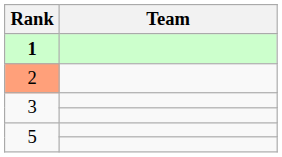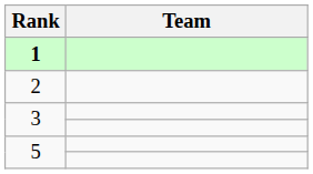 <table class="wikitable" style="text-align:center;">
 <tr>
 <th width=40>Rank</th>
 <th width=180>Team</th>
 </tr>
 <tr bgcolor=#ccffcc>
 <td><strong>1</strong></td>
 <td style="text-align:left;"></td>
 </tr>
 <tr>
-<td style="background: lightsalmon;">2</td>
+<td>2</td>
 <td style="text-align:left;"></td>
 </tr>
 <tr>
 <td rowspan=2>3</td>
 <td style="text-align:left;"></td>
 </tr>
 <tr>
 <td style="text-align:left;"></td>
 </tr>
 <tr>
 <td rowspan=2>5</td>
 <td style="text-align:left;"></td>
 </tr>
 <tr>
 <td style="text-align:left;"></td>
 </tr>
 </table>
